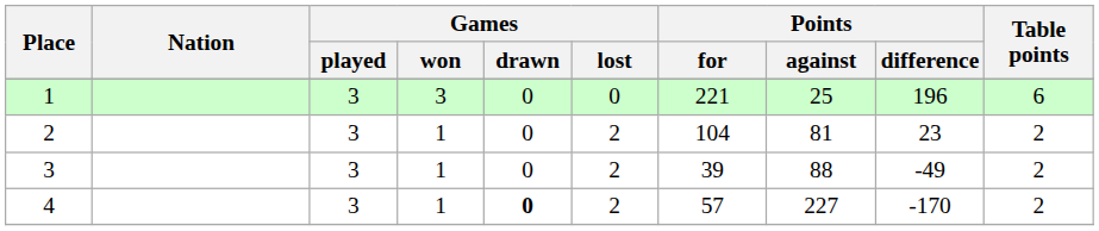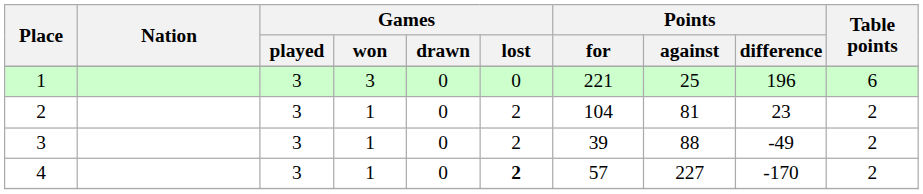 <table class="wikitable">
 <tr>
 <th rowspan=2 width="8%">Place</th>
 <th rowspan=2 width="20%">Nation</th>
 <th colspan=4 width="32%">Games</th>
 <th colspan=3 width="30%">Points</th>
 <th rowspan=2 width="10%">Table<br>points</th>
 </tr>
 <tr>
 <th width="8%">played</th>
 <th width="8%">won</th>
 <th width="8%">drawn</th>
 <th width="8%">lost</th>
 <th width="10%">for</th>
 <th width="10%">against</th>
 <th width="10%">difference</th>
 </tr>
 <tr>
 </tr>
 <tr bgcolor=#ccffcc align=center>
 <td>1</td>
 <td align=left><strong></strong></td>
 <td>3</td>
 <td>3</td>
 <td>0</td>
 <td>0</td>
 <td>221</td>
 <td>25</td>
 <td>196</td>
 <td>6</td>
 </tr>
 <tr bgcolor=#ffffff align=center>
 <td>2</td>
 <td align=left></td>
 <td>3</td>
 <td>1</td>
 <td>0</td>
 <td>2</td>
 <td>104</td>
 <td>81</td>
 <td>23</td>
 <td>2</td>
 </tr>
 <tr bgcolor=#ffffff align=center>
 <td>3</td>
 <td align=left></td>
 <td>3</td>
 <td>1</td>
 <td>0</td>
 <td>2</td>
 <td>39</td>
 <td>88</td>
 <td>-49</td>
 <td>2</td>
 </tr>
 <tr bgcolor=#ffffff align=center>
 <td>4</td>
 <td align=left></td>
 <td>3</td>
 <td>1</td>
-<td><strong>0</strong></td>
-<td>2</td>
+<td>0</td>
+<td><strong>2</strong></td>
 <td>57</td>
 <td>227</td>
 <td>-170</td>
 <td>2</td>
 </tr>
 <tr bgcolor=#ffcccc align=center>
 </tr>
 </table>
